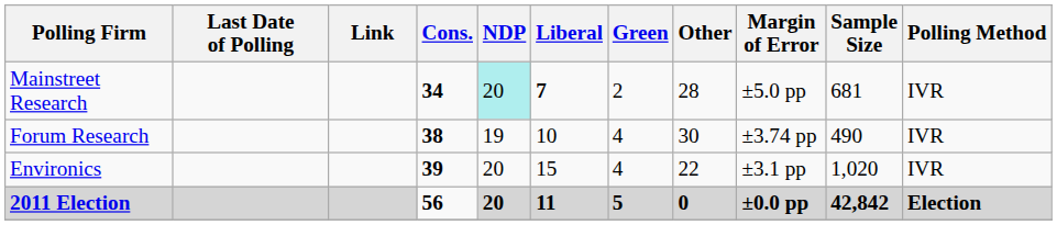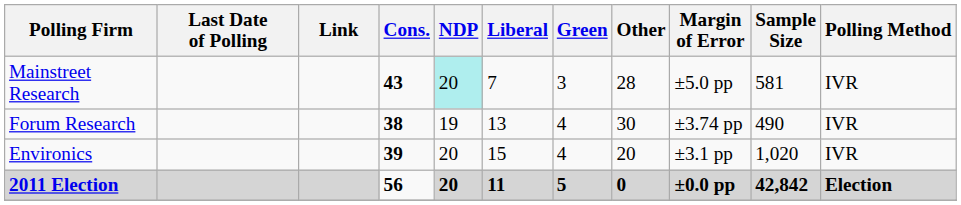 <table class="wikitable sortable">
 <tr style="background:#e9e9e9;">
 <th style="width:120px">Polling Firm</th>
 <th style="width:110px">Last Date<br>of Polling</th>
 <th style="width:60px" class="unsortable">Link</th>
 <th style="background-color:"><strong><a href='#'>Cons.</a></strong></th>
 <th style="background-color:"><strong><a href='#'>NDP</a></strong></th>
 <th style="background-color:"><strong><a href='#'>Liberal</a></strong></th>
 <th style="background-color:"><strong><a href='#'>Green</a></strong></th>
 <th style="background-color:"><strong>Other</strong></th>
 <th style="width:60px;" class=unsortable>Margin<br>of Error</th>
 <th style="width:50px;" class=unsortable>Sample<br>Size</th>
 <th class=unsortable>Polling Method</th>
 </tr>
 <tr>
 <td><a href='#'>Mainstreet Research</a></td>
 <td></td>
 <td></td>
-<td><strong>34</strong></td>
+<td><strong>43</strong></td>
 <td style="background: paleturquoise;">20</td>
-<td><strong>7</strong></td>
-<td>2</td>
+<td>7</td>
+<td>3</td>
 <td>28</td>
 <td>±5.0 pp</td>
-<td>681</td>
+<td>581</td>
 <td>IVR</td>
 </tr>
 <tr |->
 <td><a href='#'>Forum Research</a></td>
 <td></td>
 <td></td>
 <td><strong>38</strong></td>
 <td>19</td>
-<td>10</td>
+<td>13</td>
 <td>4</td>
 <td>30</td>
 <td>±3.74 pp</td>
 <td>490</td>
 <td>IVR</td>
 </tr>
 <tr>
 <td><a href='#'>Environics</a></td>
 <td></td>
 <td></td>
 <td><strong>39</strong></td>
 <td>20</td>
 <td>15</td>
 <td>4</td>
-<td>22</td>
+<td>20</td>
 <td>±3.1 pp</td>
 <td>1,020</td>
 <td>IVR</td>
 </tr>
 <tr>
 <td style="background:#D5D5D5"><strong><a href='#'>2011 Election</a></strong></td>
 <td style="background:#D5D5D5"><strong></strong></td>
 <td style="background:#D5D5D5"></td>
 <td><strong>56</strong></td>
 <td style="background:#D5D5D5"><strong>20</strong></td>
 <td style="background:#D5D5D5"><strong>11</strong></td>
 <td style="background:#D5D5D5"><strong>5</strong></td>
 <td style="background:#D5D5D5"><strong>0</strong></td>
 <td style="background:#D5D5D5"><strong>±0.0 pp</strong></td>
 <td style="background:#D5D5D5"><strong>42,842</strong></td>
 <td style="background:#D5D5D5"><strong>Election</strong></td>
 </tr>
 <tr>
 </tr>
 <tr>
 </tr>
 </table>
